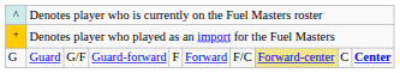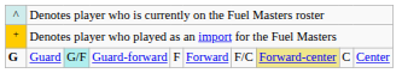 <table class="wikitable">
 <tr>
 <td align="center" bgcolor="#CFECEC" width="20">^</td>
 <td colspan=9>Denotes player who is currently on the Fuel Masters roster</td>
 </tr>
 <tr>
 <td align="center" bgcolor="#FFCC00" width="20"><sup>+</sup></td>
 <td colspan=9>Denotes player who played as an <a href='#'>import</a> for the Fuel Masters</td>
 </tr>
 <tr>
-<td>G</td>
+<td><strong>G</strong></td>
 <td><a href='#'>Guard</a></td>
-<td>G/F</td>
+<td style="background: paleturquoise;">G/F</td>
 <td><a href='#'>Guard-forward</a></td>
 <td>F</td>
 <td><a href='#'>Forward</a></td>
 <td>F/C</td>
 <td style="background: khaki;"><a href='#'>Forward-center</a></td>
 <td>C</td>
-<td><strong><a href='#'>Center</a></strong></td>
+<td><a href='#'>Center</a></td>
 </tr>
 </table>
